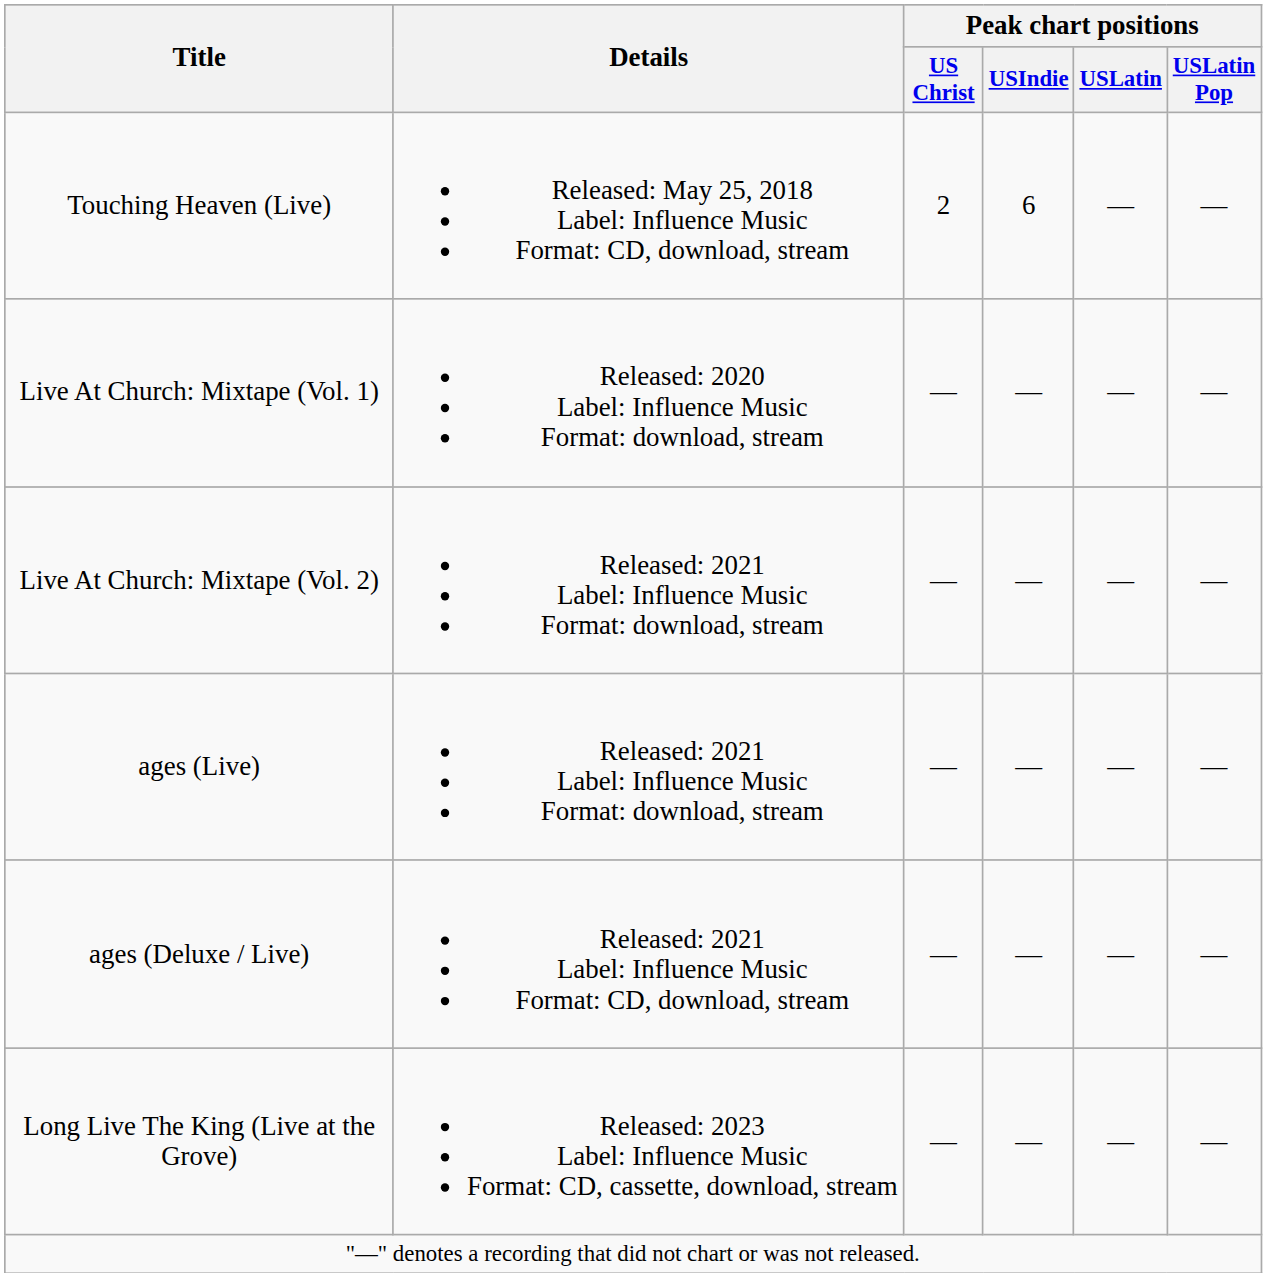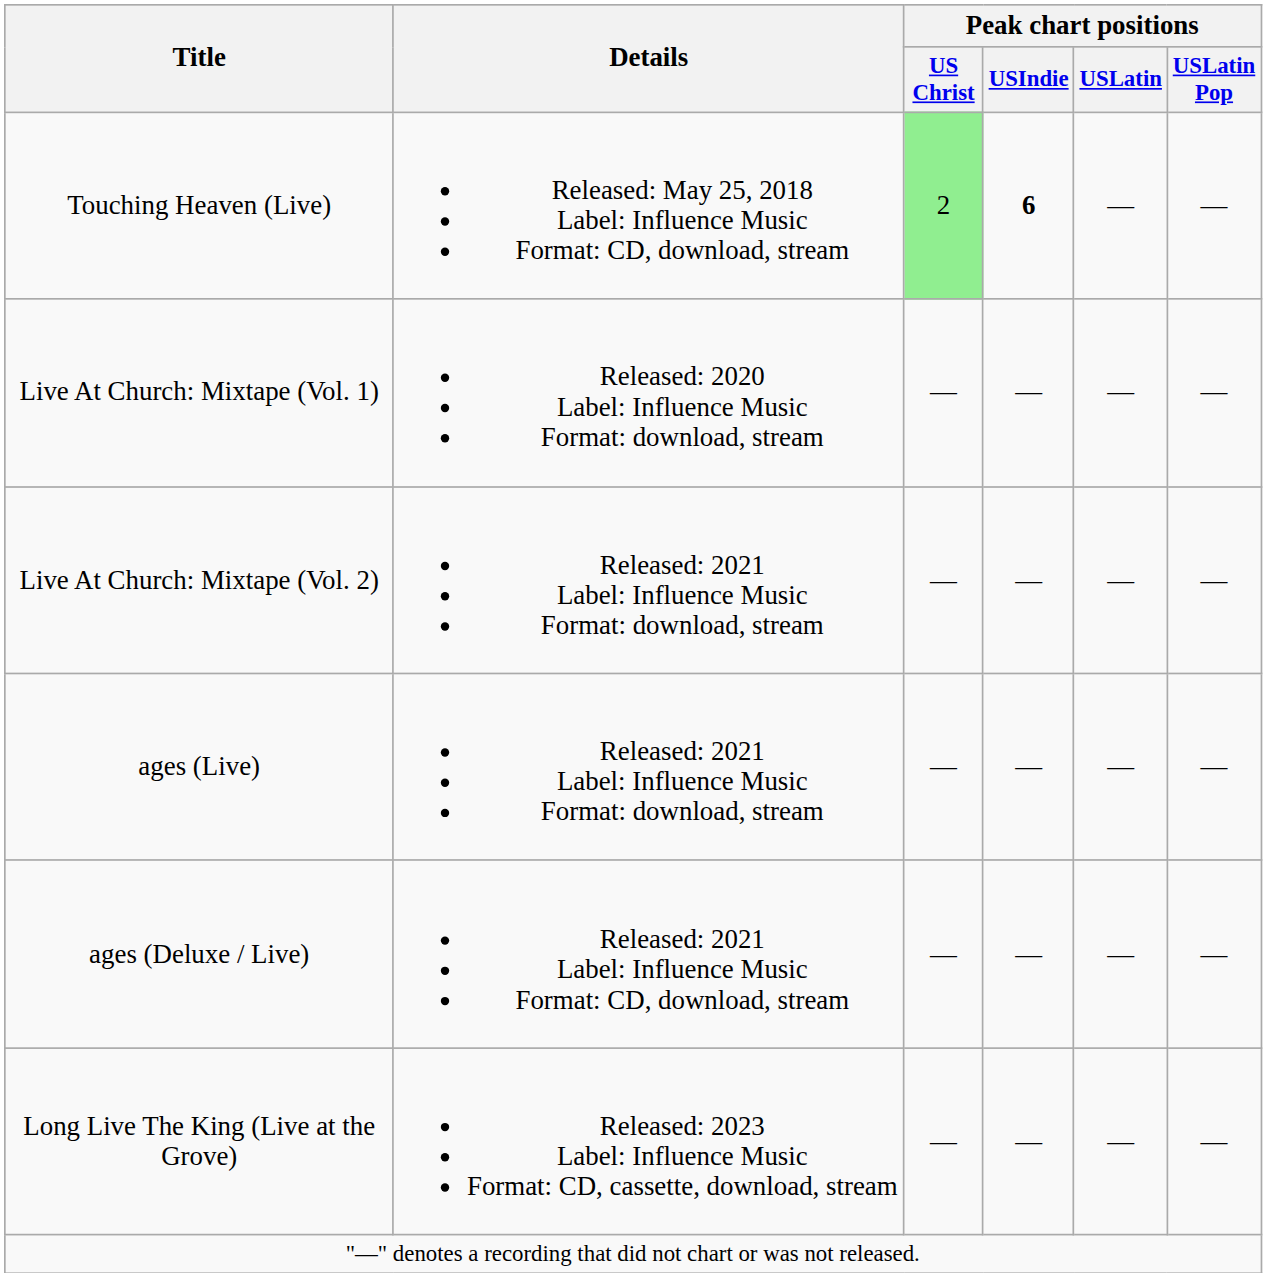 <table class="wikitable plainrowheaders" style="text-align:center;">
 <tr>
 <th rowspan="2" style="width:14em;">Title</th>
 <th rowspan="2">Details</th>
 <th colspan="4">Peak chart positions</th>
 </tr>
 <tr>
 <th scope="col" style="width:3em;font-size:85%;"><a href='#'>US Christ</a></th>
 <th scope="col" style="width:3em;font-size:85%;"><a href='#'>USIndie</a></th>
 <th scope="col" style="width:3em;font-size:85%;"><a href='#'>USLatin</a></th>
 <th scope="col" style="width:3em;font-size:85%;"><a href='#'>USLatin Pop</a></th>
 </tr>
 <tr>
 <td scope="row">Touching Heaven (Live)</td>
 <td><br><ul><li>Released: May 25, 2018</li><li>Label: Influence Music</li><li>Format: CD, download, stream</li></ul></td>
-<td>2</td>
-<td>6</td>
+<td style="background: lightgreen;">2</td>
+<td><strong>6</strong></td>
 <td>—</td>
 <td>—</td>
 </tr>
 <tr>
 <td>Live At Church: Mixtape (Vol. 1)</td>
 <td><br><ul><li>Released: 2020</li><li>Label: Influence Music</li><li>Format: download, stream</li></ul></td>
 <td>—</td>
 <td>—</td>
 <td>—</td>
 <td>—</td>
 </tr>
 <tr>
 <td>Live At Church: Mixtape (Vol. 2)</td>
 <td><br><ul><li>Released: 2021</li><li>Label: Influence Music</li><li>Format: download, stream</li></ul></td>
 <td>—</td>
 <td>—</td>
 <td>—</td>
 <td>—</td>
 </tr>
 <tr>
 <td>ages (Live)</td>
 <td><br><ul><li>Released: 2021</li><li>Label: Influence Music</li><li>Format: download, stream</li></ul></td>
 <td>—</td>
 <td>—</td>
 <td>—</td>
 <td>—</td>
 </tr>
 <tr>
 <td>ages (Deluxe / Live)</td>
 <td><br><ul><li>Released: 2021</li><li>Label: Influence Music</li><li>Format: CD, download, stream</li></ul></td>
 <td>—</td>
 <td>—</td>
 <td>—</td>
 <td>—</td>
 </tr>
 <tr>
 <td>Long Live The King (Live at the Grove)</td>
 <td><br><ul><li>Released: 2023</li><li>Label: Influence Music</li><li>Format: CD, cassette, download, stream</li></ul></td>
 <td>—</td>
 <td>—</td>
 <td>—</td>
 <td>—</td>
 </tr>
 <tr>
 <td colspan="20" style="font-size:85%;">"—" denotes a recording that did not chart or was not released.</td>
 </tr>
 </table>
